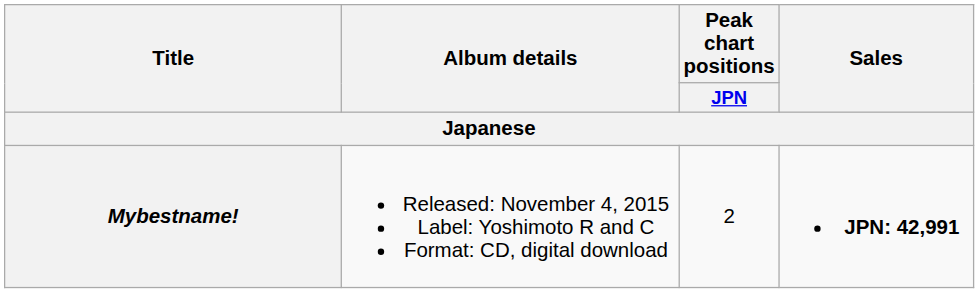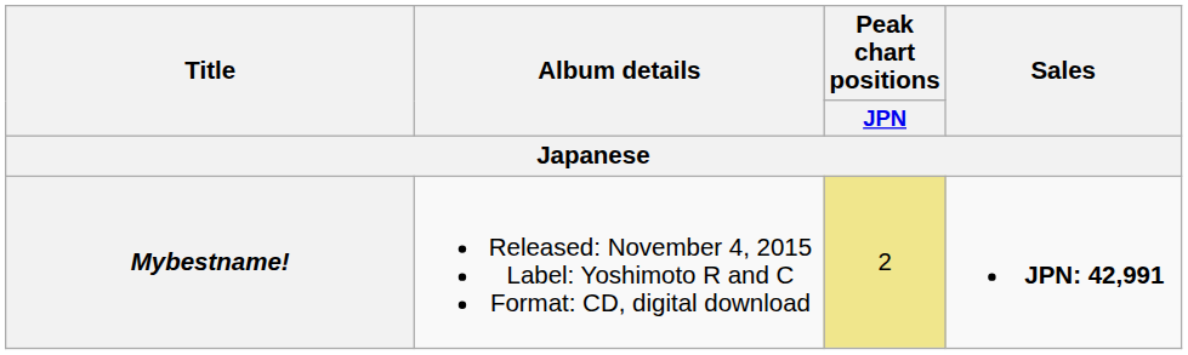 <table class="wikitable plainrowheaders" style="text-align:center;" border="1">
 <tr>
 <th scope="col" rowspan="2" style="width:16em;">Title</th>
 <th scope="col" rowspan="2" style="width:16em;">Album details</th>
 <th scope="col" colspan="1">Peak chart positions</th>
 <th scope="col" rowspan="2" style="width:9em;">Sales</th>
 </tr>
 <tr>
 <th scope="col" style="width:2.2em;font-size:90%;"><a href='#'>JPN</a><br></th>
 </tr>
 <tr>
 <th colspan="5">Japanese</th>
 </tr>
 <tr>
 <th scope="row"><em>Mybestname!</em></th>
 <td><br><ul><li>Released: November 4, 2015</li><li>Label: Yoshimoto R and C</li><li>Format: CD, digital download</li></ul></td>
-<td>2</td>
+<td style="background: khaki;">2</td>
 <td><strong><br><ul><li>JPN: 42,991</li></ul></strong></td>
 </tr>
 </table>
